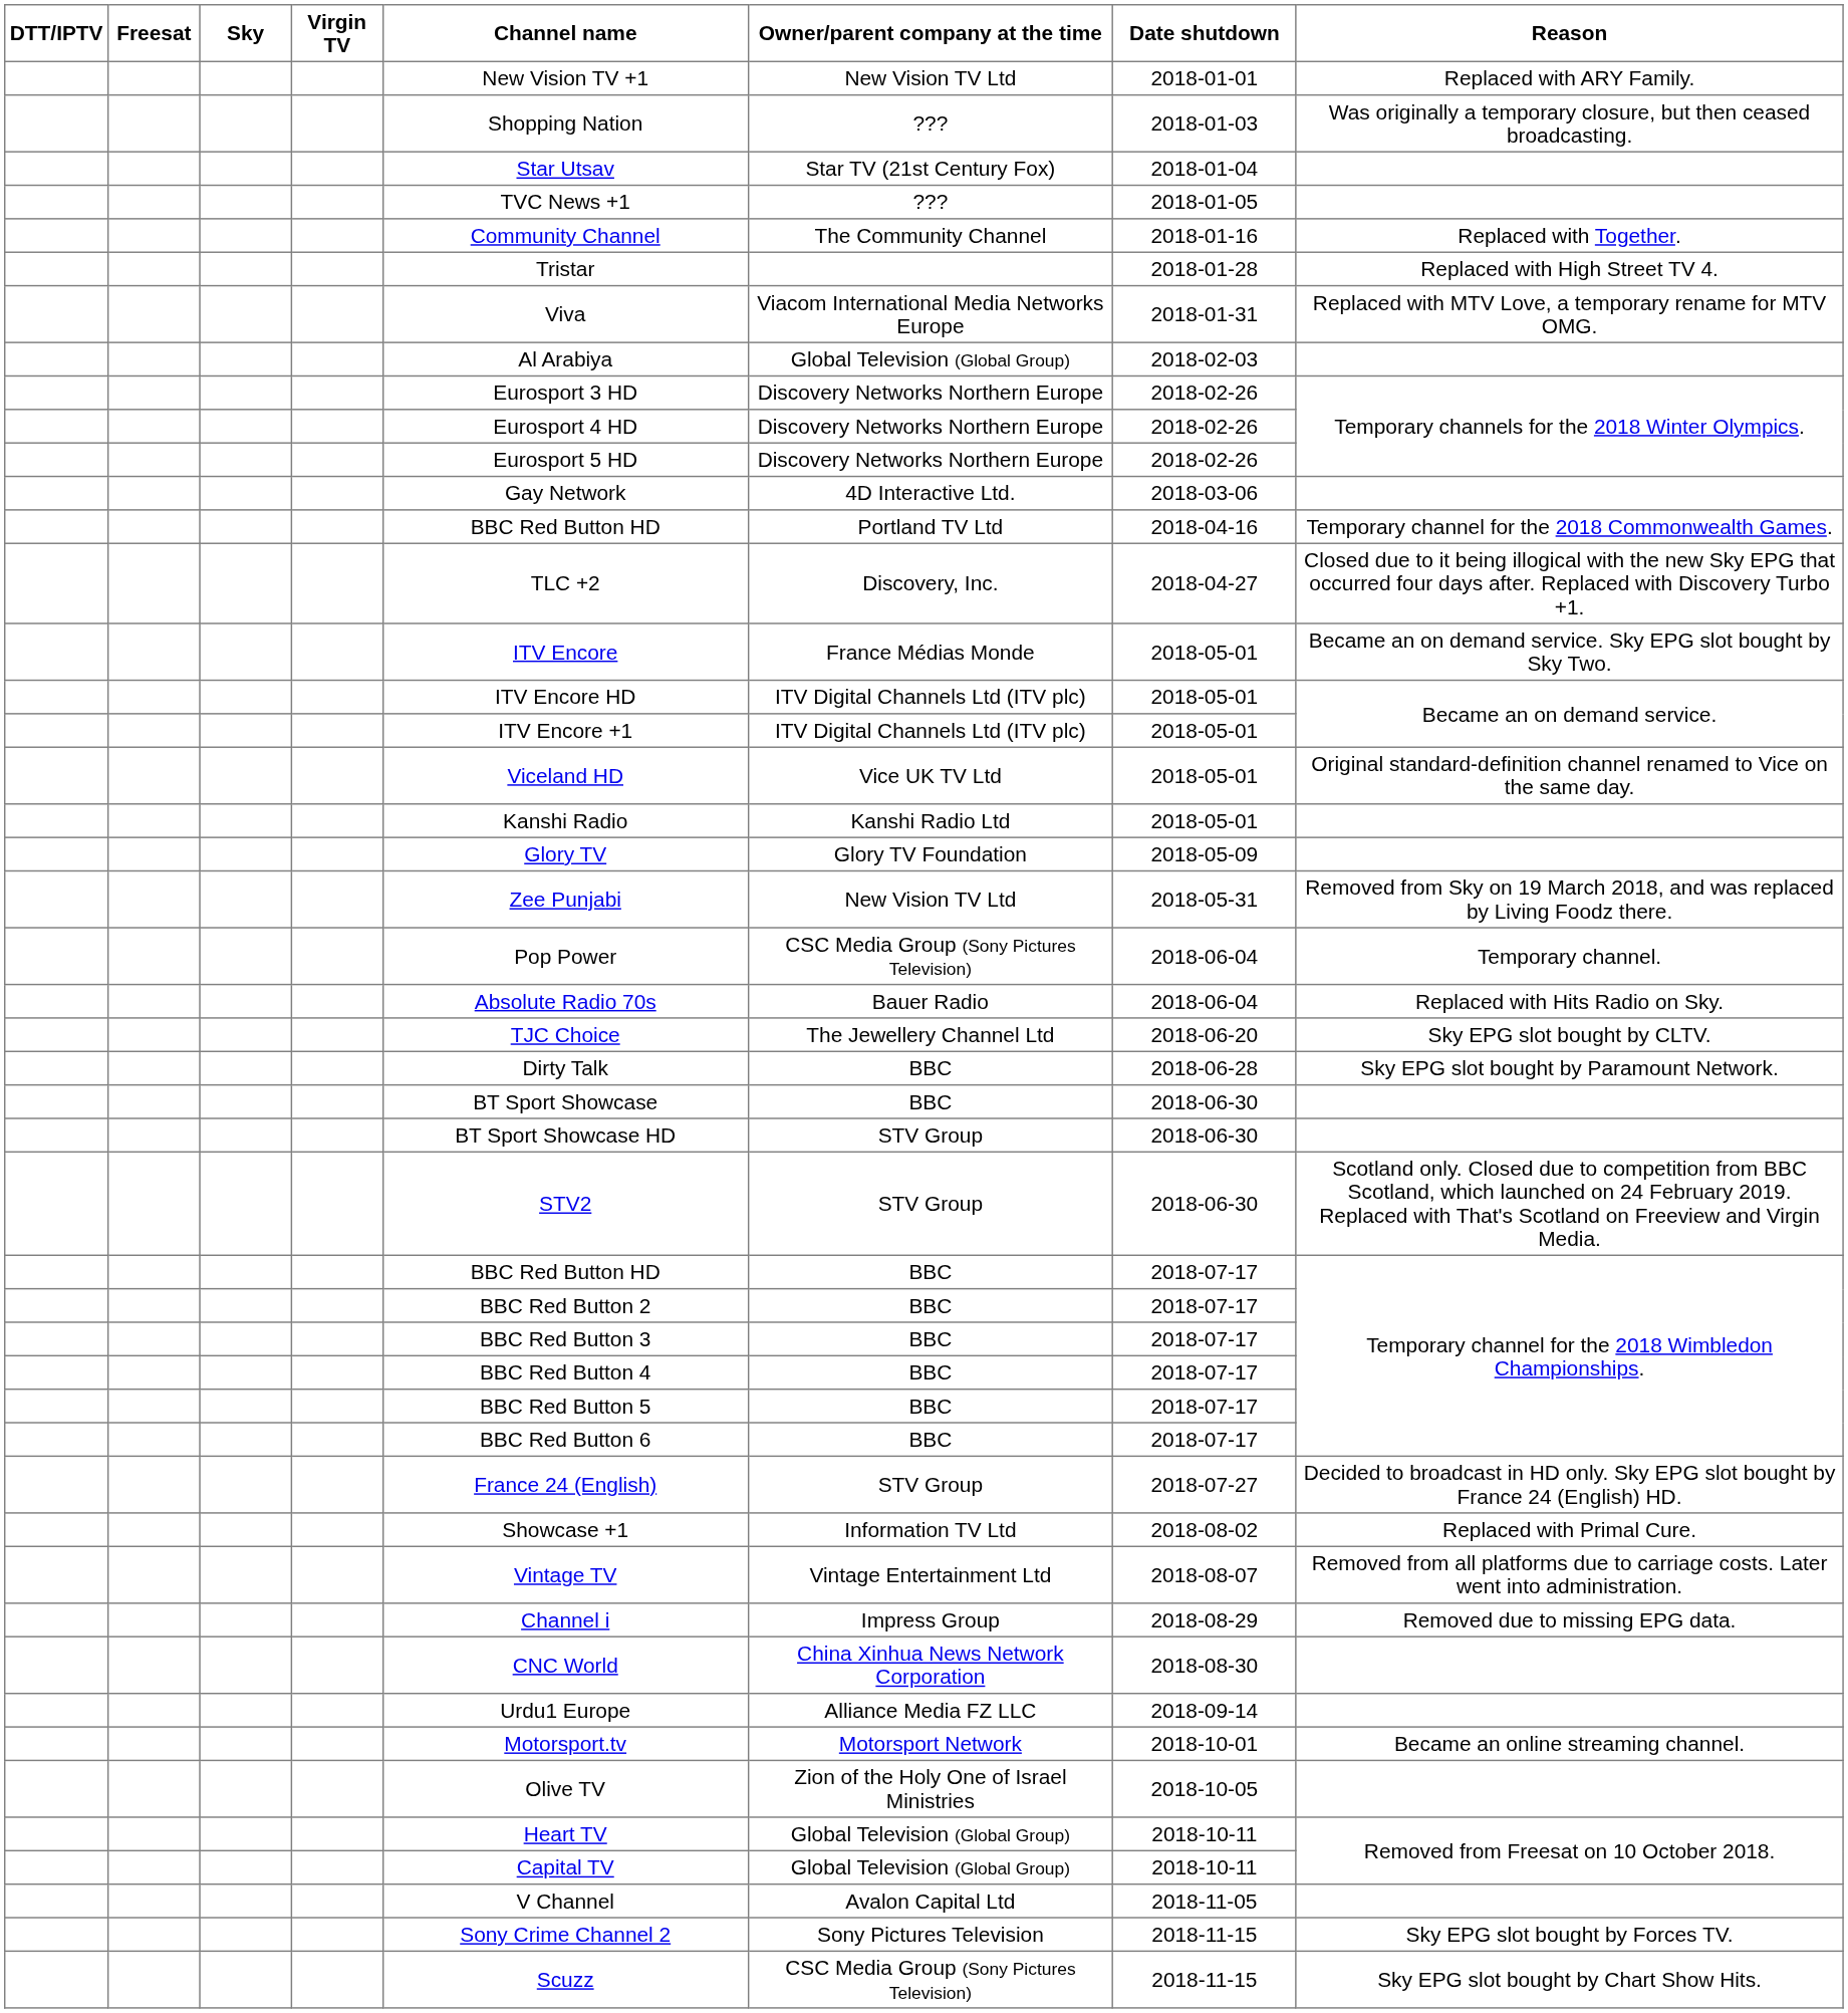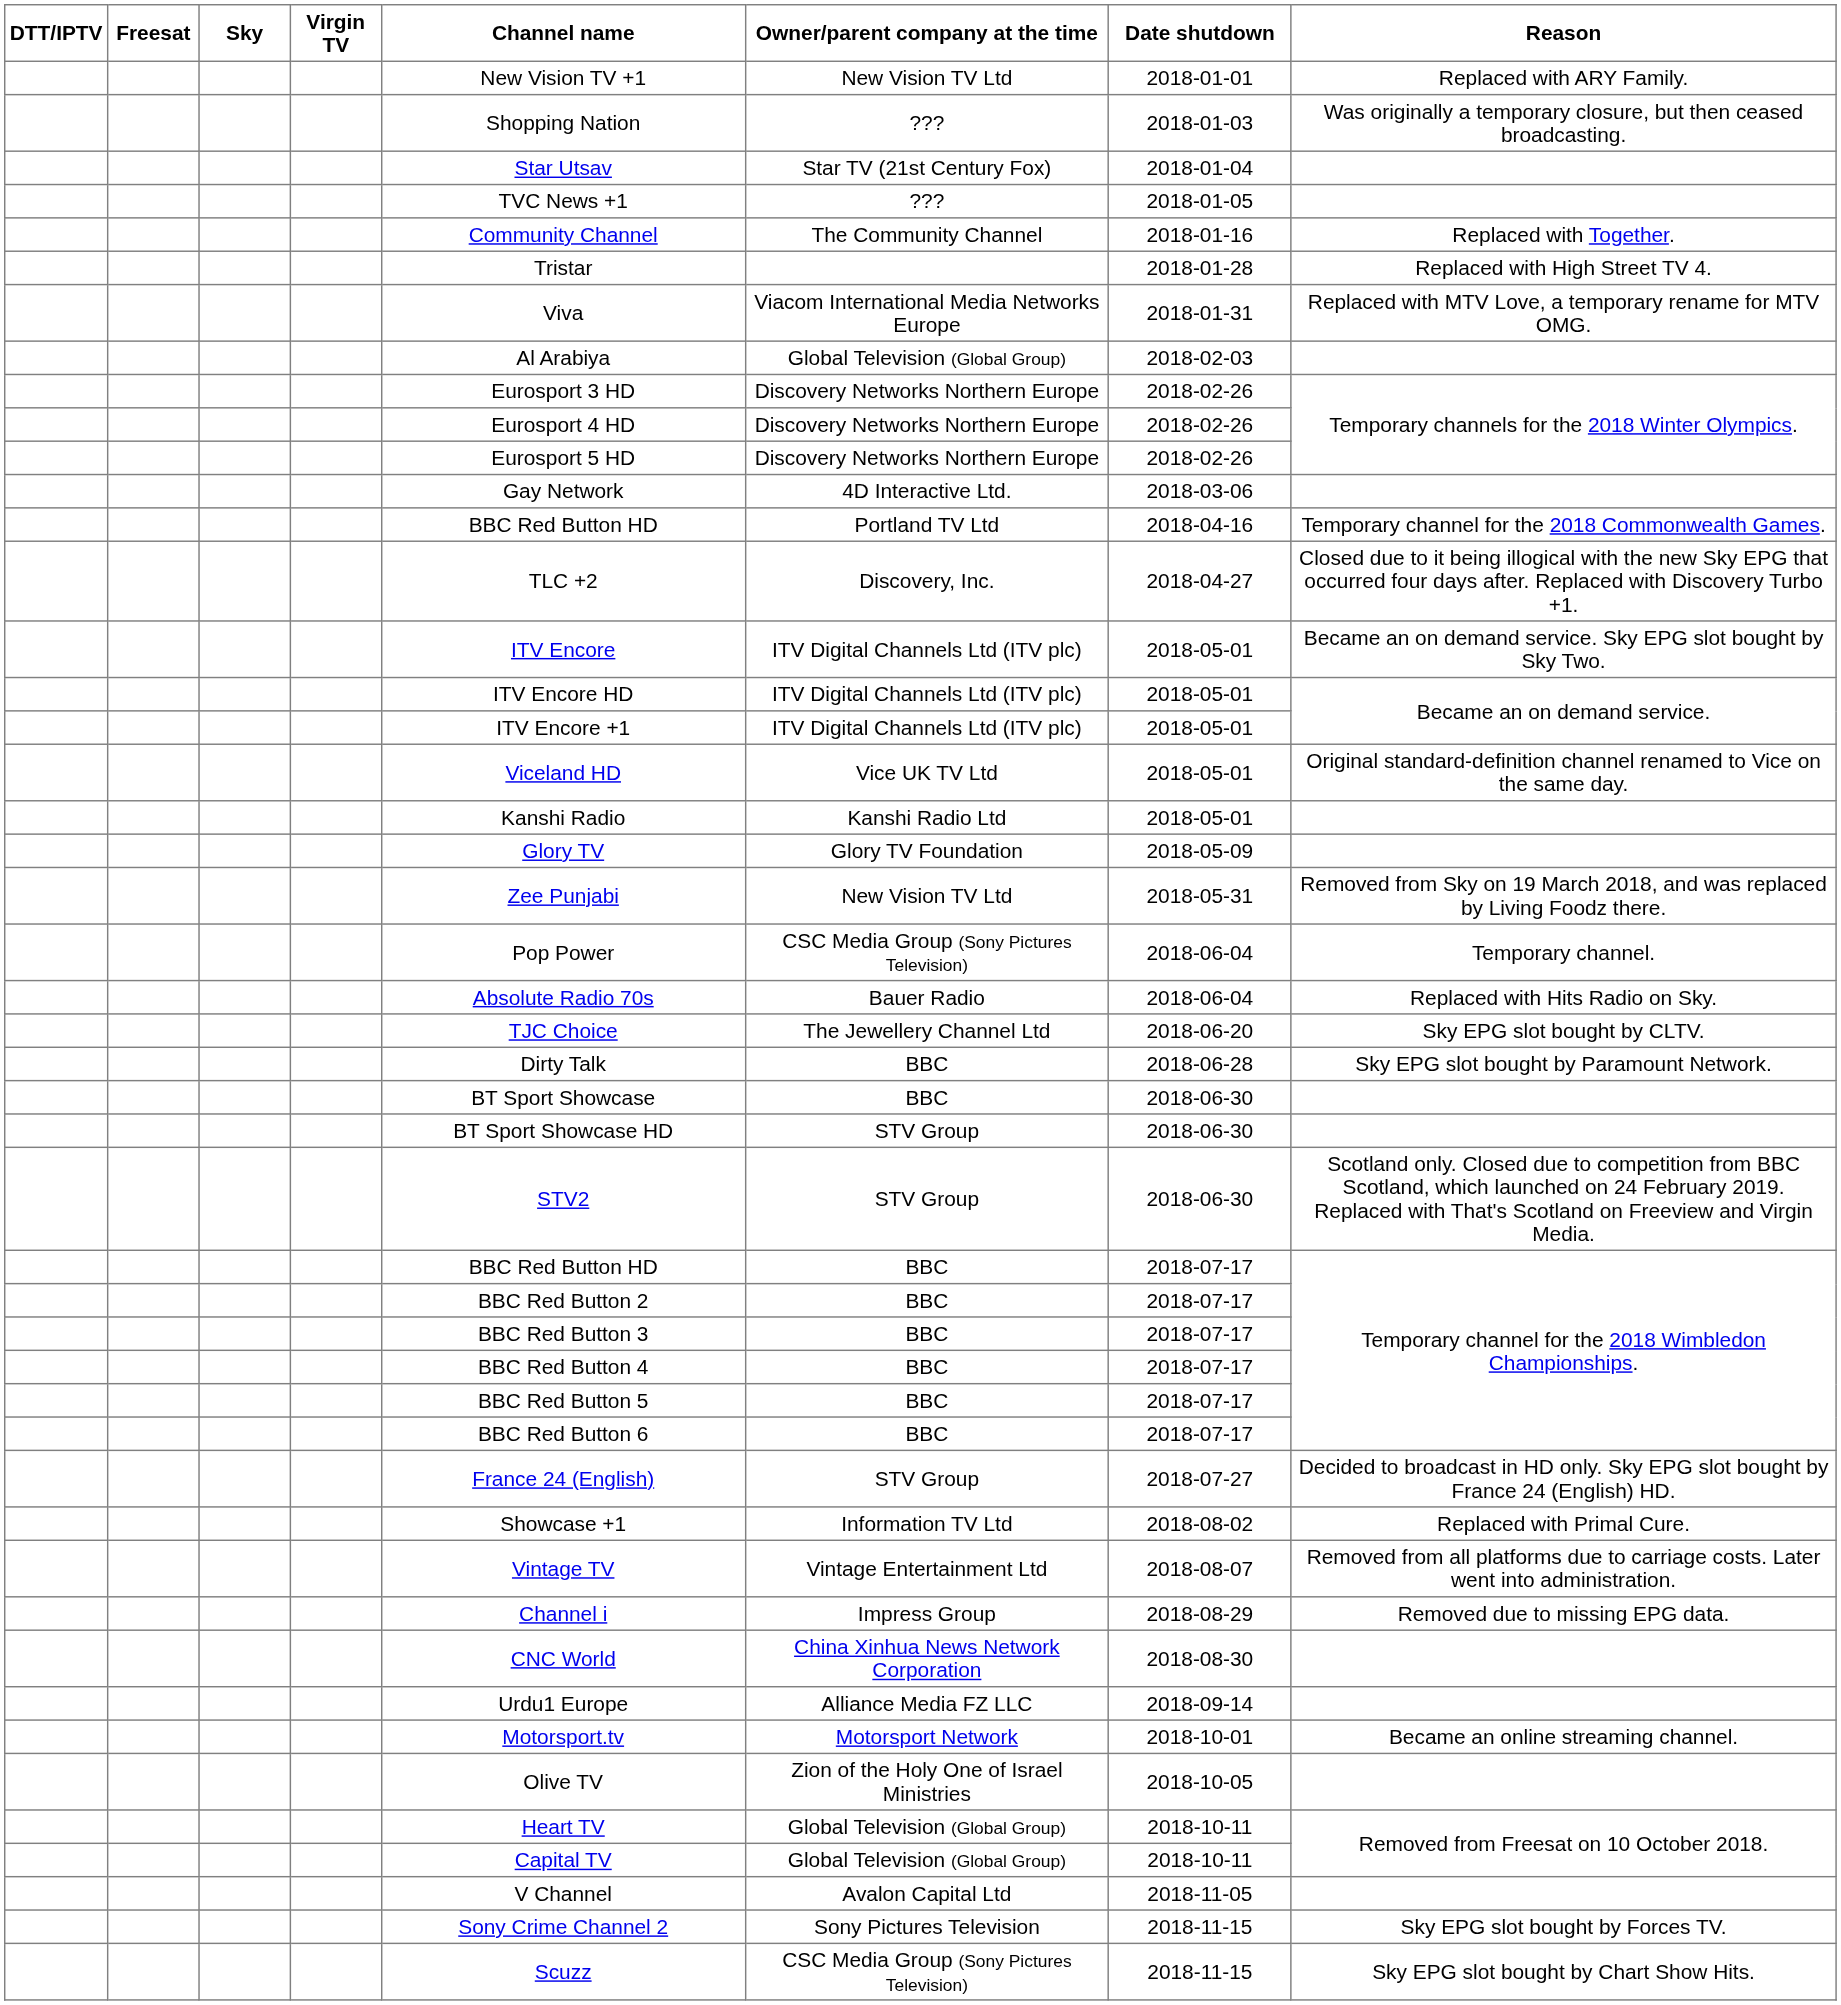 <table class="toccolors sortable" border="1" cellpadding="3" style="border-collapse:collapse; font-size: 90%; text-align:center" width="100%">
 <tr>
 <th width="5%">DTT/IPTV</th>
 <th width="5%">Freesat</th>
 <th width="5%">Sky</th>
 <th width="5%">Virgin TV</th>
 <th width="20%">Channel name</th>
 <th width="20%">Owner/parent company at the time</th>
 <th width="10%">Date shutdown </th>
 <th width="30%">Reason</th>
 </tr>
 <tr>
 <td></td>
 <td></td>
 <td></td>
 <td></td>
 <td>New Vision TV +1</td>
 <td>New Vision TV Ltd</td>
 <td>2018-01-01</td>
 <td>Replaced with ARY Family.</td>
 </tr>
 <tr>
 <td></td>
 <td></td>
 <td></td>
 <td></td>
 <td>Shopping Nation</td>
 <td>???</td>
 <td>2018-01-03</td>
 <td>Was originally a temporary closure, but then ceased broadcasting.</td>
 </tr>
 <tr>
 <td></td>
 <td></td>
 <td></td>
 <td></td>
 <td><a href='#'>Star Utsav</a></td>
 <td>Star TV (21st Century Fox)</td>
 <td>2018-01-04</td>
 <td></td>
 </tr>
 <tr>
 <td></td>
 <td></td>
 <td></td>
 <td></td>
 <td>TVC News +1</td>
 <td>???</td>
 <td>2018-01-05</td>
 <td></td>
 </tr>
 <tr>
 <td></td>
 <td></td>
 <td></td>
 <td></td>
 <td><a href='#'>Community Channel</a></td>
 <td>The Community Channel</td>
 <td>2018-01-16</td>
 <td>Replaced with <a href='#'>Together</a>.</td>
 </tr>
 <tr>
 <td></td>
 <td></td>
 <td></td>
 <td></td>
 <td>Tristar</td>
 <td></td>
 <td>2018-01-28</td>
 <td>Replaced with High Street TV 4.</td>
 </tr>
 <tr>
 <td></td>
 <td></td>
 <td></td>
 <td></td>
 <td>Viva</td>
 <td>Viacom International Media Networks Europe</td>
 <td>2018-01-31</td>
 <td>Replaced with MTV Love, a temporary rename for MTV OMG.</td>
 </tr>
 <tr>
 <td></td>
 <td></td>
 <td></td>
 <td></td>
 <td>Al Arabiya</td>
 <td>Global Television <small>(Global Group)</small></td>
 <td>2018-02-03</td>
 <td></td>
 </tr>
 <tr>
 <td></td>
 <td></td>
 <td></td>
 <td></td>
 <td>Eurosport 3 HD</td>
 <td>Discovery Networks Northern Europe</td>
 <td>2018-02-26</td>
 <td rowspan="3">Temporary channels for the <a href='#'>2018 Winter Olympics</a>.</td>
 </tr>
 <tr>
 <td></td>
 <td></td>
 <td></td>
 <td></td>
 <td>Eurosport 4 HD</td>
 <td>Discovery Networks Northern Europe</td>
 <td>2018-02-26</td>
 </tr>
 <tr>
 <td></td>
 <td></td>
 <td></td>
 <td></td>
 <td>Eurosport 5 HD</td>
 <td>Discovery Networks Northern Europe</td>
 <td>2018-02-26</td>
 </tr>
 <tr>
 <td></td>
 <td></td>
 <td></td>
 <td></td>
 <td>Gay Network</td>
 <td>4D Interactive Ltd.</td>
 <td>2018-03-06</td>
 <td></td>
 </tr>
 <tr>
 <td></td>
 <td></td>
 <td></td>
 <td></td>
 <td>BBC Red Button HD</td>
 <td>Portland TV Ltd</td>
 <td>2018-04-16</td>
 <td>Temporary channel for the <a href='#'>2018 Commonwealth Games</a>.</td>
 </tr>
 <tr>
 <td></td>
 <td></td>
 <td></td>
 <td></td>
 <td>TLC +2</td>
 <td>Discovery, Inc.</td>
 <td>2018-04-27</td>
 <td>Closed due to it being illogical with the new Sky EPG that occurred four days after. Replaced with Discovery Turbo +1.</td>
 </tr>
 <tr>
 <td></td>
 <td></td>
 <td></td>
 <td></td>
 <td><a href='#'>ITV Encore</a></td>
-<td>France Médias Monde</td>
+<td>ITV Digital Channels Ltd (ITV plc)</td>
 <td>2018-05-01</td>
 <td>Became an on demand service. Sky EPG slot bought by Sky Two.</td>
 </tr>
 <tr>
 <td></td>
 <td></td>
 <td></td>
 <td></td>
 <td>ITV Encore HD</td>
 <td>ITV Digital Channels Ltd (ITV plc)</td>
 <td>2018-05-01</td>
 <td rowspan="2">Became an on demand service.</td>
 </tr>
 <tr>
 <td></td>
 <td></td>
 <td></td>
 <td></td>
 <td>ITV Encore +1</td>
 <td>ITV Digital Channels Ltd (ITV plc)</td>
 <td>2018-05-01</td>
 </tr>
 <tr>
 <td></td>
 <td></td>
 <td></td>
 <td></td>
 <td><a href='#'>Viceland HD</a></td>
 <td>Vice UK TV Ltd</td>
 <td>2018-05-01</td>
 <td>Original standard-definition channel renamed to Vice on the same day.</td>
 </tr>
 <tr>
 <td></td>
 <td></td>
 <td></td>
 <td></td>
 <td>Kanshi Radio</td>
 <td>Kanshi Radio Ltd</td>
 <td>2018-05-01</td>
 <td></td>
 </tr>
 <tr>
 <td></td>
 <td></td>
 <td></td>
 <td></td>
 <td><a href='#'>Glory TV</a></td>
 <td>Glory TV Foundation</td>
 <td>2018-05-09</td>
 <td></td>
 </tr>
 <tr>
 <td></td>
 <td></td>
 <td></td>
 <td></td>
 <td><a href='#'>Zee Punjabi</a></td>
 <td>New Vision TV Ltd</td>
 <td>2018-05-31</td>
 <td>Removed from Sky on 19 March 2018, and was replaced by Living Foodz there.</td>
 </tr>
 <tr>
 <td></td>
 <td></td>
 <td></td>
 <td></td>
 <td>Pop Power</td>
 <td>CSC Media Group <small>(Sony Pictures Television)</small></td>
 <td>2018-06-04</td>
 <td>Temporary channel.</td>
 </tr>
 <tr>
 <td></td>
 <td></td>
 <td></td>
 <td></td>
 <td><a href='#'>Absolute Radio 70s</a></td>
 <td>Bauer Radio</td>
 <td>2018-06-04</td>
 <td>Replaced with Hits Radio on Sky.</td>
 </tr>
 <tr>
 <td></td>
 <td></td>
 <td></td>
 <td></td>
 <td><a href='#'>TJC Choice</a></td>
 <td>The Jewellery Channel Ltd</td>
 <td>2018-06-20</td>
 <td>Sky EPG slot bought by CLTV.</td>
 </tr>
 <tr>
 <td></td>
 <td></td>
 <td></td>
 <td></td>
 <td>Dirty Talk</td>
 <td>BBC</td>
 <td>2018-06-28</td>
 <td>Sky EPG slot bought by Paramount Network.</td>
 </tr>
 <tr>
 <td></td>
 <td></td>
 <td></td>
 <td></td>
 <td>BT Sport Showcase</td>
 <td>BBC</td>
 <td>2018-06-30</td>
 <td></td>
 </tr>
 <tr>
 <td></td>
 <td></td>
 <td></td>
 <td></td>
 <td>BT Sport Showcase HD</td>
 <td>STV Group</td>
 <td>2018-06-30</td>
 <td></td>
 </tr>
 <tr>
 <td></td>
 <td></td>
 <td></td>
 <td></td>
 <td><a href='#'>STV2</a></td>
 <td>STV Group</td>
 <td>2018-06-30</td>
 <td>Scotland only. Closed due to competition from BBC Scotland, which launched on 24 February 2019. Replaced with That's Scotland on Freeview and Virgin Media.</td>
 </tr>
 <tr>
 <td></td>
 <td></td>
 <td></td>
 <td></td>
 <td>BBC Red Button HD</td>
 <td>BBC</td>
 <td>2018-07-17</td>
 <td rowspan="6">Temporary channel for the <a href='#'>2018 Wimbledon Championships</a>.</td>
 </tr>
 <tr>
 <td></td>
 <td></td>
 <td></td>
 <td></td>
 <td>BBC Red Button 2</td>
 <td>BBC</td>
 <td>2018-07-17</td>
 </tr>
 <tr>
 <td></td>
 <td></td>
 <td></td>
 <td></td>
 <td>BBC Red Button 3</td>
 <td>BBC</td>
 <td>2018-07-17</td>
 </tr>
 <tr>
 <td></td>
 <td></td>
 <td></td>
 <td></td>
 <td>BBC Red Button 4</td>
 <td>BBC</td>
 <td>2018-07-17</td>
 </tr>
 <tr>
 <td></td>
 <td></td>
 <td></td>
 <td></td>
 <td>BBC Red Button 5</td>
 <td>BBC</td>
 <td>2018-07-17</td>
 </tr>
 <tr>
 <td></td>
 <td></td>
 <td></td>
 <td></td>
 <td>BBC Red Button 6</td>
 <td>BBC</td>
 <td>2018-07-17</td>
 </tr>
 <tr>
 <td></td>
 <td></td>
 <td></td>
 <td></td>
 <td><a href='#'>France 24 (English)</a></td>
 <td>STV Group</td>
 <td>2018-07-27</td>
 <td>Decided to broadcast in HD only. Sky EPG slot bought by France 24 (English) HD.</td>
 </tr>
 <tr>
 <td></td>
 <td></td>
 <td></td>
 <td></td>
 <td>Showcase +1</td>
 <td>Information TV Ltd</td>
 <td>2018-08-02</td>
 <td>Replaced with Primal Cure.</td>
 </tr>
 <tr>
 <td></td>
 <td></td>
 <td></td>
 <td></td>
 <td><a href='#'>Vintage TV</a></td>
 <td>Vintage Entertainment Ltd</td>
 <td>2018-08-07</td>
 <td>Removed from all platforms due to carriage costs. Later went into administration.</td>
 </tr>
 <tr>
 <td></td>
 <td></td>
 <td></td>
 <td></td>
 <td><a href='#'>Channel i</a></td>
 <td>Impress Group</td>
 <td>2018-08-29</td>
 <td>Removed due to missing EPG data.</td>
 </tr>
 <tr>
 <td></td>
 <td></td>
 <td></td>
 <td></td>
 <td><a href='#'>CNC World</a></td>
 <td><a href='#'>China Xinhua News Network Corporation</a></td>
 <td>2018-08-30</td>
 <td></td>
 </tr>
 <tr>
 <td></td>
 <td></td>
 <td></td>
 <td></td>
 <td>Urdu1 Europe</td>
 <td>Alliance Media FZ LLC</td>
 <td>2018-09-14</td>
 <td></td>
 </tr>
 <tr>
 <td></td>
 <td></td>
 <td></td>
 <td></td>
 <td><a href='#'>Motorsport.tv</a></td>
 <td><a href='#'>Motorsport Network</a></td>
 <td>2018-10-01</td>
 <td>Became an online streaming channel.</td>
 </tr>
 <tr>
 <td></td>
 <td></td>
 <td></td>
 <td></td>
 <td>Olive TV</td>
 <td>Zion of the Holy One of Israel Ministries</td>
 <td>2018-10-05</td>
 <td></td>
 </tr>
 <tr>
 <td></td>
 <td></td>
 <td></td>
 <td></td>
 <td><a href='#'>Heart TV</a></td>
 <td>Global Television <small>(Global Group)</small></td>
 <td>2018-10-11</td>
 <td rowspan="2">Removed from Freesat on 10 October 2018.</td>
 </tr>
 <tr>
 <td></td>
 <td></td>
 <td></td>
 <td></td>
 <td><a href='#'>Capital TV</a></td>
 <td>Global Television <small>(Global Group)</small></td>
 <td>2018-10-11</td>
 </tr>
 <tr>
 <td></td>
 <td></td>
 <td></td>
 <td></td>
 <td>V Channel</td>
 <td>Avalon Capital Ltd</td>
 <td>2018-11-05</td>
 <td></td>
 </tr>
 <tr>
 <td></td>
 <td></td>
 <td></td>
 <td></td>
 <td><a href='#'>Sony Crime Channel 2</a></td>
 <td>Sony Pictures Television</td>
 <td>2018-11-15</td>
 <td>Sky EPG slot bought by Forces TV.</td>
 </tr>
 <tr>
 <td></td>
 <td></td>
 <td></td>
 <td></td>
 <td><a href='#'>Scuzz</a></td>
 <td>CSC Media Group <small>(Sony Pictures Television)</small></td>
 <td>2018-11-15</td>
 <td>Sky EPG slot bought by Chart Show Hits.</td>
 </tr>
 </table>
